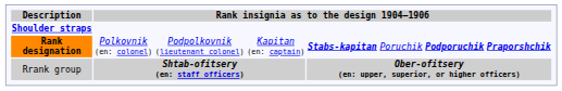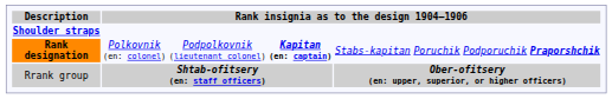 <table style="border:1px solid #8888aa; background-color:#f7f8ff; padding:5px; font-size:95%; margin: 12px 12px 12px 12px;">
 <tr bgcolor="#CCCCCC">
 <th>Description</th>
 <th colspan=7>Rank insignia as to the design 1904–1906</th>
 </tr>
 <tr align="center">
 <th><a href='#'>Shoulder straps</a></th>
 <th></th>
 <th></th>
 <th></th>
 <th></th>
 <th></th>
 <th></th>
 <th></th>
 </tr>
 <tr align="center">
 <th style="background:#ff8800; color:black;">Rank<br>designation</th>
 <td><em><a href='#'>Polkovnik</a></em> <br><small>(en: <a href='#'>colonel</a>)</small></td>
 <td><em><a href='#'>Podpolkovnik</a></em> <br><small>(<a href='#'>lieutenant colonel</a>)</small></td>
-<td><em><a href='#'>Kapitan</a></em> <br><small>(en: <a href='#'>captain</a>)</small></td>
-<td><strong><a href='#'><em>Stabs-kapitan</em></a></strong></td>
+<td><strong><em><a href='#'>Kapitan</a></em> <br><small>(en: <a href='#'>captain</a>)</small></strong></td>
+<td><a href='#'><em>Stabs-kapitan</em></a></td>
 <td><em><a href='#'>Poruchik</a></em></td>
-<td><strong><em><a href='#'>Podporuchik</a></em></strong></td>
+<td><em><a href='#'>Podporuchik</a></em></td>
 <td><strong><em><a href='#'>Praporshchik</a></em></strong></td>
 </tr>
 <tr align="center" style="background:#cfcfcf;">
 <td>Rrank group</td>
 <th colspan=3><em>Shtab-ofitsery</em> <br> <small>(en: <a href='#'>staff officers</a>)</small></th>
 <th colspan=4><em>Ober-ofitsery</em> <br> <small>(en: upper, superior, or higher officers)</small></th>
 </tr>
 </table>
